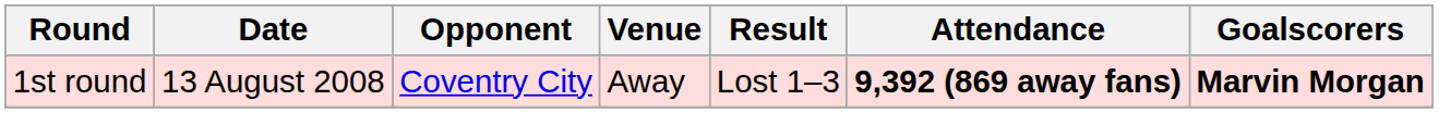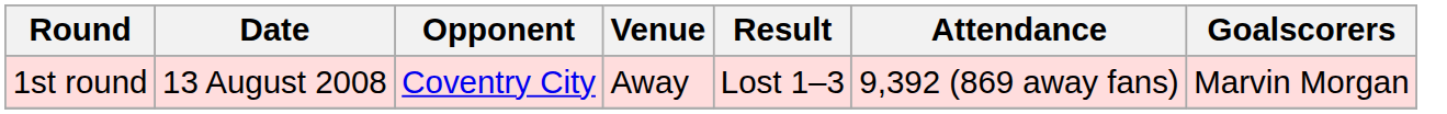 <table Class="wikitable">
 <tr>
 <th>Round</th>
 <th>Date</th>
 <th>Opponent</th>
 <th>Venue</th>
 <th>Result</th>
 <th>Attendance</th>
 <th>Goalscorers</th>
 </tr>
 <tr style="background: #ffdddd;">
 <td align="center">1st round</td>
 <td>13 August 2008</td>
 <td><a href='#'>Coventry City</a></td>
 <td>Away</td>
 <td>Lost 1–3</td>
-<td align="center"><strong>9,392 (869 away fans)</strong></td>
-<td><strong>Marvin Morgan</strong></td>
+<td align="center">9,392 (869 away fans)</td>
+<td>Marvin Morgan</td>
 </tr>
 <tr>
 </tr>
 </table>
